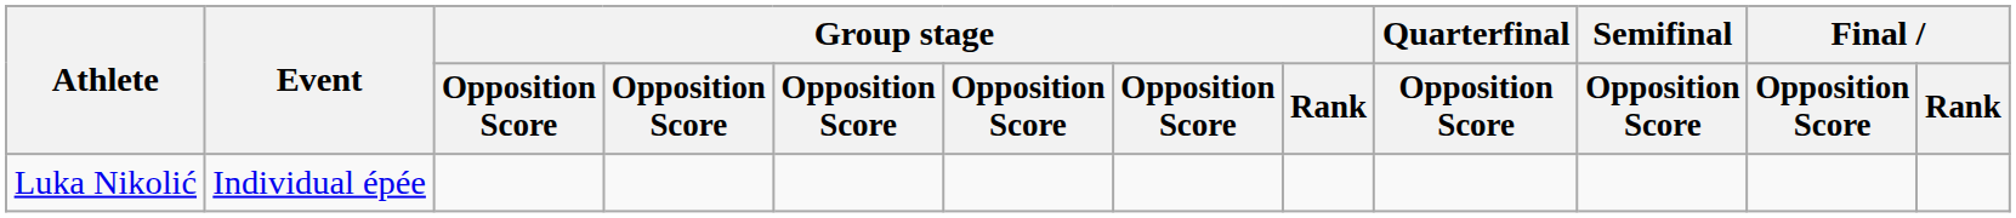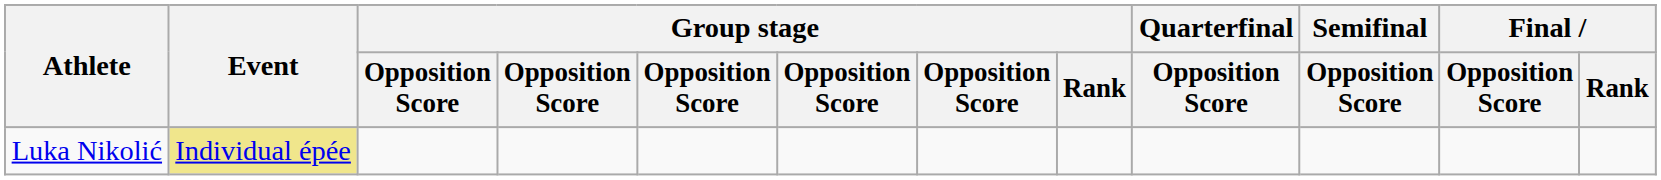 <table class=wikitable style="font-size:90%">
 <tr>
 <th rowspan=2>Athlete</th>
 <th rowspan=2>Event</th>
 <th colspan=6>Group stage</th>
 <th>Quarterfinal</th>
 <th>Semifinal</th>
 <th colspan=2>Final / </th>
 </tr>
 <tr style="font-size:95%">
 <th>Opposition<br>Score</th>
 <th>Opposition<br>Score</th>
 <th>Opposition<br>Score</th>
 <th>Opposition<br>Score</th>
 <th>Opposition<br>Score</th>
 <th>Rank</th>
 <th>Opposition<br>Score</th>
 <th>Opposition<br>Score</th>
 <th>Opposition<br>Score</th>
 <th>Rank</th>
 </tr>
 <tr align=center>
 <td align=left><a href='#'>Luka Nikolić</a></td>
-<td align=left rowspan=1><a href='#'>Individual épée</a></td>
+<td align=left rowspan=1 style="background: khaki;"><a href='#'>Individual épée</a></td>
 <td></td>
 <td></td>
 <td></td>
 <td></td>
 <td></td>
 <td></td>
 <td></td>
 <td></td>
 <td></td>
 <td></td>
 </tr>
 </table>
